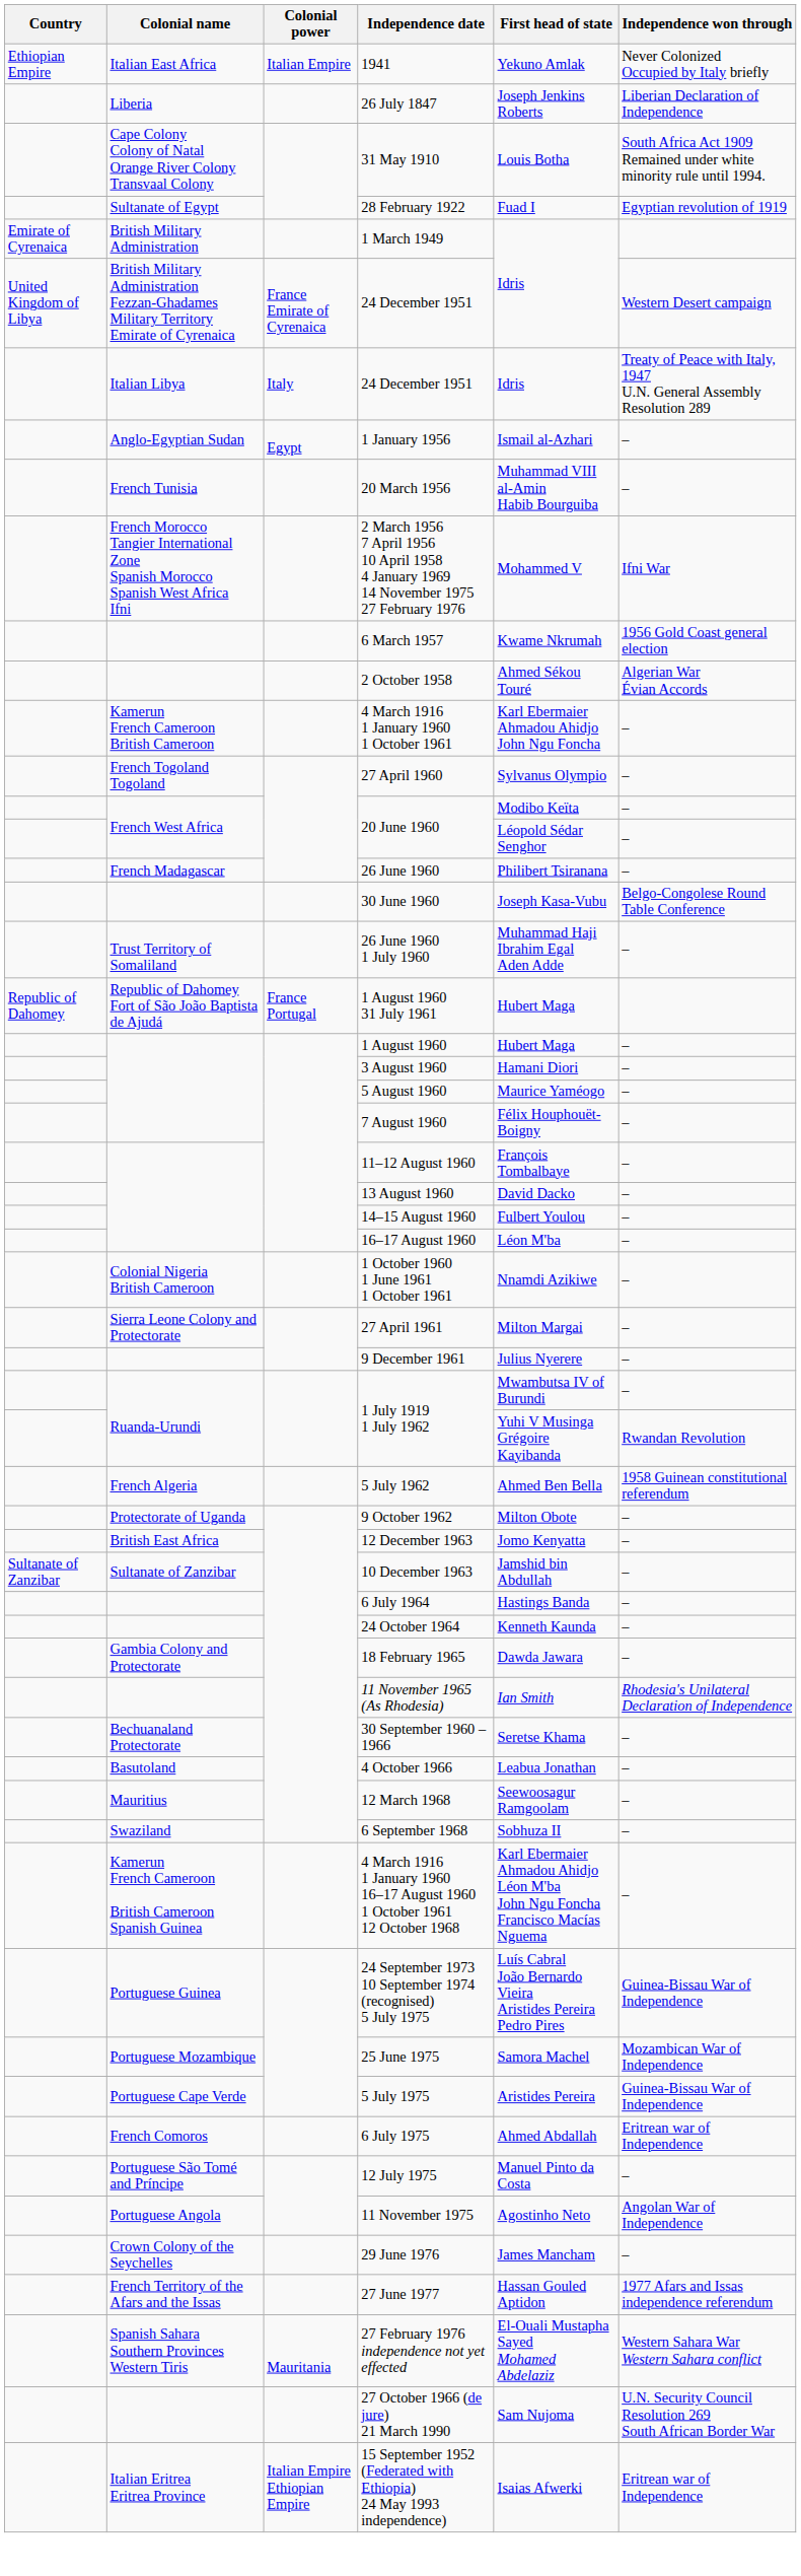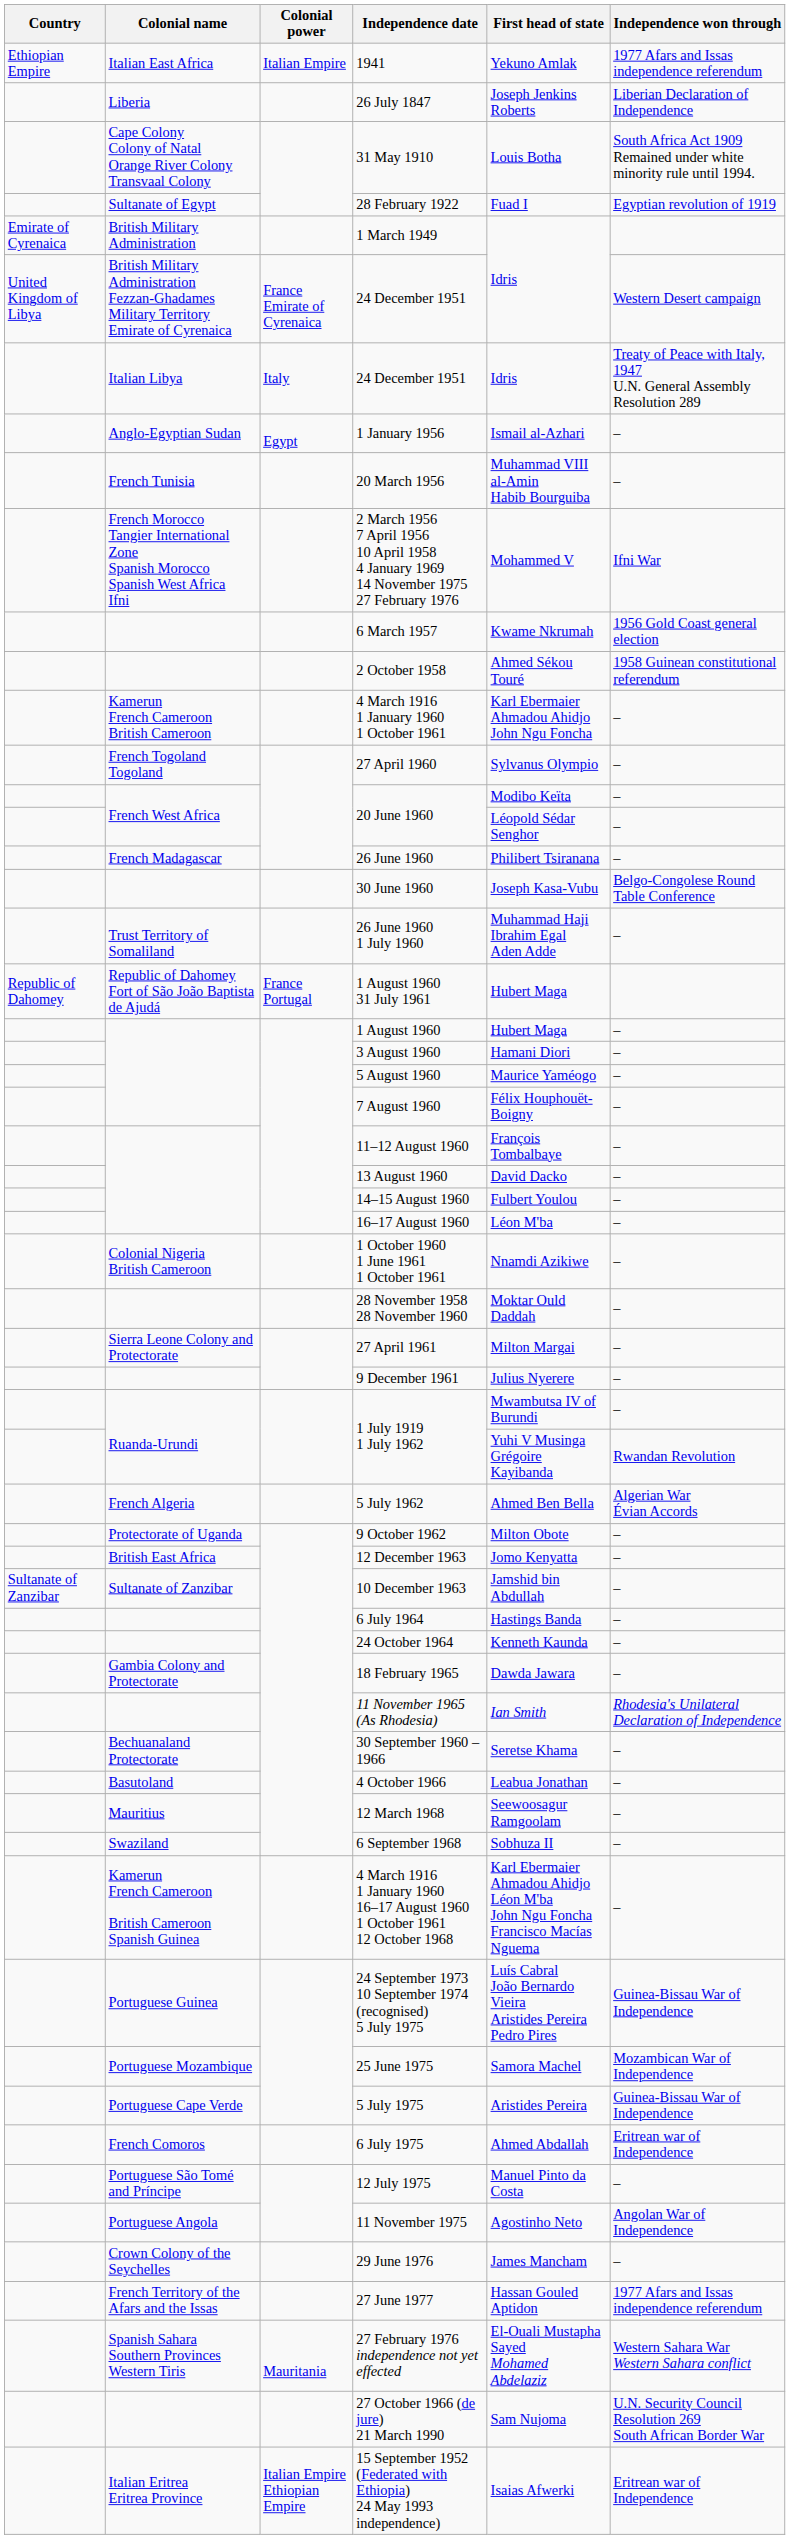 <table class="wikitable sortable">
 <tr>
 <th>Country</th>
 <th>Colonial name</th>
 <th>Colonial power</th>
 <th data-sort-type="date">Independence date</th>
 <th>First head of state</th>
 <th>Independence won through</th>
 </tr>
 <tr>
 <td> <a href='#'>Ethiopian Empire</a></td>
 <td><a href='#'>Italian East Africa</a></td>
 <td><a href='#'>Italian Empire</a></td>
 <td>1941</td>
 <td><a href='#'>Yekuno Amlak</a></td>
-<td>Never Colonized<br><a href='#'>Occupied by Italy</a> briefly</td>
+<td><a href='#'>1977 Afars and Issas independence referendum</a></td>
 </tr>
 <tr>
 <td></td>
 <td> <a href='#'>Liberia</a></td>
 <td></td>
 <td>26 July 1847</td>
 <td><a href='#'>Joseph Jenkins Roberts</a></td>
 <td><a href='#'>Liberian Declaration of Independence</a></td>
 </tr>
 <tr>
 <td></td>
 <td> <a href='#'>Cape Colony</a> <br>  <a href='#'>Colony of Natal</a> <br>  <a href='#'>Orange River Colony</a> <br>  <a href='#'>Transvaal Colony</a></td>
 <td rowspan="2"></td>
 <td>31 May 1910</td>
 <td><a href='#'>Louis Botha</a></td>
 <td><a href='#'>South Africa Act 1909</a><br>Remained under white minority rule until 1994.</td>
 </tr>
 <tr>
 <td></td>
 <td> <a href='#'>Sultanate of Egypt</a></td>
 <td>28 February 1922</td>
 <td><a href='#'>Fuad I</a></td>
 <td><a href='#'>Egyptian revolution of 1919</a></td>
 </tr>
 <tr>
 <td> <a href='#'>Emirate of Cyrenaica</a></td>
 <td> <a href='#'>British Military Administration</a></td>
 <td></td>
 <td>1 March 1949</td>
 <td rowspan="2"><a href='#'>Idris</a></td>
 <td></td>
 </tr>
 <tr>
 <td> <a href='#'>United Kingdom of Libya</a></td>
 <td> <a href='#'>British Military Administration</a><br> <a href='#'>Fezzan-Ghadames Military Territory</a><br> <a href='#'>Emirate of Cyrenaica</a></td>
 <td><br> <a href='#'>France</a><br> <a href='#'>Emirate of Cyrenaica</a></td>
 <td>24 December 1951</td>
 <td><a href='#'>Western Desert campaign</a></td>
 </tr>
 <tr>
 <td></td>
 <td> <a href='#'>Italian Libya</a></td>
 <td> <a href='#'>Italy</a><br></td>
 <td>24 December 1951</td>
 <td><a href='#'>Idris</a></td>
 <td><a href='#'>Treaty of Peace with Italy, 1947</a><br>U.N. General Assembly Resolution 289</td>
 </tr>
 <tr>
 <td></td>
 <td> <a href='#'>Anglo-Egyptian Sudan</a></td>
 <td><br> <a href='#'>Egypt</a></td>
 <td>1 January 1956</td>
 <td><a href='#'>Ismail al-Azhari</a></td>
 <td>–</td>
 </tr>
 <tr>
 <td></td>
 <td> <a href='#'>French Tunisia</a></td>
 <td><br></td>
 <td>20 March 1956</td>
 <td><a href='#'>Muhammad VIII al-Amin</a><br><a href='#'>Habib Bourguiba</a></td>
 <td>–</td>
 </tr>
 <tr>
 <td></td>
 <td> <a href='#'>French Morocco</a><br> <a href='#'>Tangier International Zone</a><br> <a href='#'>Spanish Morocco</a><br> <a href='#'>Spanish West Africa</a><br> <a href='#'>Ifni</a></td>
 <td><br></td>
 <td>2 March 1956<br>7 April 1956<br>10 April 1958<br>4 January 1969<br>14 November 1975<br>27 February 1976</td>
 <td><a href='#'>Mohammed V</a></td>
 <td><a href='#'>Ifni War</a></td>
 </tr>
 <tr>
 <td></td>
 <td></td>
 <td></td>
 <td>6 March 1957</td>
 <td><a href='#'>Kwame Nkrumah</a></td>
 <td><a href='#'>1956 Gold Coast general election</a></td>
 </tr>
 <tr>
 <td></td>
 <td></td>
 <td></td>
 <td>2 October 1958</td>
 <td><a href='#'>Ahmed Sékou Touré</a></td>
-<td><a href='#'>Algerian War</a><br><a href='#'>Évian Accords</a></td>
+<td><a href='#'>1958 Guinean constitutional referendum</a></td>
 </tr>
 <tr>
 <td></td>
 <td> <a href='#'>Kamerun</a><br> <a href='#'>French Cameroon</a><br> <a href='#'>British Cameroon</a></td>
 <td><br><br></td>
 <td>4 March 1916<br>1 January 1960<br>1 October 1961</td>
 <td><a href='#'>Karl Ebermaier</a><br><a href='#'>Ahmadou Ahidjo</a><br><a href='#'>John Ngu Foncha</a></td>
 <td>–</td>
 </tr>
 <tr>
 <td></td>
 <td> <a href='#'>French Togoland</a><br> <a href='#'>Togoland</a></td>
 <td rowspan="4"></td>
 <td>27 April 1960</td>
 <td><a href='#'>Sylvanus Olympio</a></td>
 <td>–</td>
 </tr>
 <tr>
 <td></td>
 <td rowspan="2"> <a href='#'>French West Africa</a></td>
 <td rowspan="2">20 June 1960</td>
 <td><a href='#'>Modibo Keïta</a></td>
 <td>–</td>
 </tr>
 <tr>
 <td></td>
 <td><a href='#'>Léopold Sédar Senghor</a></td>
 <td>–</td>
 </tr>
 <tr>
 <td></td>
 <td> <a href='#'>French Madagascar</a></td>
 <td>26 June 1960</td>
 <td><a href='#'>Philibert Tsiranana</a></td>
 <td>–</td>
 </tr>
 <tr>
 <td></td>
 <td></td>
 <td></td>
 <td>30 June 1960</td>
 <td><a href='#'>Joseph Kasa-Vubu</a></td>
 <td><a href='#'>Belgo-Congolese Round Table Conference</a></td>
 </tr>
 <tr>
 <td></td>
 <td><br> <a href='#'>Trust Territory of Somaliland</a></td>
 <td><br></td>
 <td>26 June 1960<br>1 July 1960</td>
 <td><a href='#'>Muhammad Haji Ibrahim Egal</a> <br> <a href='#'>Aden Adde</a></td>
 <td>–</td>
 </tr>
 <tr>
 <td> <a href='#'>Republic of Dahomey</a></td>
 <td> <a href='#'>Republic of Dahomey</a><br> <a href='#'>Fort of São João Baptista de Ajudá</a></td>
 <td> <a href='#'>France</a><br> <a href='#'>Portugal</a></td>
 <td>1 August 1960<br>31 July 1961</td>
 <td><a href='#'>Hubert Maga</a></td>
 <td></td>
 </tr>
 <tr>
 <td></td>
 <td rowspan="4"></td>
 <td rowspan="8"></td>
 <td>1 August 1960</td>
 <td><a href='#'>Hubert Maga</a></td>
 <td>–</td>
 </tr>
 <tr>
 <td></td>
 <td>3 August 1960</td>
 <td><a href='#'>Hamani Diori</a></td>
 <td>–</td>
 </tr>
 <tr>
 <td></td>
 <td>5 August 1960</td>
 <td><a href='#'>Maurice Yaméogo</a></td>
 <td>–</td>
 </tr>
 <tr>
 <td></td>
 <td>7 August 1960</td>
 <td><a href='#'>Félix Houphouët-Boigny</a></td>
 <td>–</td>
 </tr>
 <tr>
 <td></td>
 <td rowspan="4"></td>
 <td>11–12 August 1960</td>
 <td><a href='#'>François Tombalbaye</a></td>
 <td>–</td>
 </tr>
 <tr>
 <td></td>
 <td>13 August 1960</td>
 <td><a href='#'>David Dacko</a></td>
 <td>–</td>
 </tr>
 <tr>
 <td></td>
 <td>14–15 August 1960</td>
 <td><a href='#'>Fulbert Youlou</a></td>
 <td>–</td>
 </tr>
 <tr>
 <td></td>
 <td>16–17 August 1960</td>
 <td><a href='#'>Léon M'ba</a></td>
 <td>–</td>
 </tr>
 <tr>
 <td></td>
 <td> <a href='#'>Colonial Nigeria</a><br> <a href='#'>British Cameroon</a></td>
 <td></td>
 <td>1 October 1960<br>1 June 1961<br>1 October 1961</td>
 <td><a href='#'>Nnamdi Azikiwe</a></td>
 <td>–</td>
 </tr>
 <tr>
 <td></td>
+<td></td>
+<td></td>
+<td>28 November 1958<br>28 November 1960</td>
+<td><a href='#'>Moktar Ould Daddah</a></td>
+<td>–</td>
+</tr>
+<tr>
+<td></td>
 <td> <a href='#'>Sierra Leone Colony and Protectorate</a></td>
 <td rowspan="2"></td>
 <td>27 April 1961</td>
 <td><a href='#'>Milton Margai</a></td>
 <td>–</td>
 </tr>
 <tr>
 <td></td>
 <td></td>
 <td>9 December 1961</td>
 <td><a href='#'>Julius Nyerere</a></td>
 <td>–</td>
 </tr>
 <tr>
 <td></td>
 <td rowspan="2"><br> <a href='#'>Ruanda-Urundi</a></td>
 <td rowspan="2"><br> </td>
 <td rowspan="2">1 July 1919 <br> 1 July 1962</td>
 <td><a href='#'>Mwambutsa IV of Burundi</a></td>
 <td>–</td>
 </tr>
 <tr>
 <td></td>
 <td><a href='#'>Yuhi V Musinga</a> <br> <a href='#'>Grégoire Kayibanda</a></td>
 <td><a href='#'>Rwandan Revolution</a></td>
 </tr>
 <tr>
 <td></td>
 <td> <a href='#'>French Algeria</a></td>
 <td></td>
 <td>5 July 1962</td>
 <td><a href='#'>Ahmed Ben Bella</a></td>
-<td><a href='#'>1958 Guinean constitutional referendum</a></td>
+<td><a href='#'>Algerian War</a><br><a href='#'>Évian Accords</a></td>
 </tr>
 <tr>
 <td></td>
 <td> <a href='#'>Protectorate of Uganda</a></td>
 <td rowspan="11"></td>
 <td>9 October 1962</td>
 <td><a href='#'>Milton Obote</a></td>
 <td>–</td>
 </tr>
 <tr>
 <td></td>
 <td> <a href='#'>British East Africa</a></td>
 <td>12 December 1963</td>
 <td><a href='#'>Jomo Kenyatta</a></td>
 <td>–</td>
 </tr>
 <tr>
 <td> <a href='#'>Sultanate of Zanzibar</a></td>
 <td> <a href='#'>Sultanate of Zanzibar</a></td>
 <td>10 December 1963</td>
 <td><a href='#'>Jamshid bin Abdullah</a></td>
 <td>–</td>
 </tr>
 <tr>
 <td></td>
 <td></td>
 <td>6 July 1964</td>
 <td><a href='#'>Hastings Banda</a></td>
 <td>–</td>
 </tr>
 <tr>
 <td></td>
 <td></td>
 <td>24 October 1964</td>
 <td><a href='#'>Kenneth Kaunda</a></td>
 <td>–</td>
 </tr>
 <tr>
 <td></td>
 <td> <a href='#'>Gambia Colony and Protectorate</a></td>
 <td>18 February 1965</td>
 <td><a href='#'>Dawda Jawara</a></td>
 <td>–</td>
 </tr>
 <tr>
 <td><em></em><br></td>
 <td></td>
 <td><em>11 November 1965 (As Rhodesia)</em></td>
 <td><em><a href='#'>Ian Smith</a></em></td>
 <td><em><a href='#'>Rhodesia's Unilateral Declaration of Independence</a></em></td>
 </tr>
 <tr>
 <td></td>
 <td> <a href='#'>Bechuanaland Protectorate</a></td>
 <td>30 September 1960 – 1966</td>
 <td><a href='#'>Seretse Khama</a></td>
 <td>–</td>
 </tr>
 <tr>
 <td></td>
 <td> <a href='#'>Basutoland</a></td>
 <td>4 October 1966</td>
 <td><a href='#'>Leabua Jonathan</a></td>
 <td>–</td>
 </tr>
 <tr>
 <td></td>
 <td> <a href='#'>Mauritius</a></td>
 <td>12 March 1968</td>
 <td><a href='#'>Seewoosagur Ramgoolam</a></td>
 <td>–</td>
 </tr>
 <tr>
 <td></td>
 <td><a href='#'>Swaziland</a></td>
 <td>6 September 1968</td>
 <td><a href='#'>Sobhuza II</a></td>
 <td>–</td>
 </tr>
 <tr>
 <td></td>
 <td> <a href='#'>Kamerun</a><br> <a href='#'>French Cameroon</a><br><br> <a href='#'>British Cameroon</a><br> <a href='#'>Spanish Guinea</a></td>
 <td><br><br><br></td>
 <td>4 March 1916<br>1 January 1960<br>16–17 August 1960<br>1 October 1961<br>12 October 1968</td>
 <td><a href='#'>Karl Ebermaier</a><br><a href='#'>Ahmadou Ahidjo</a><br><a href='#'>Léon M'ba</a><br><a href='#'>John Ngu Foncha</a><br><a href='#'>Francisco Macías Nguema</a></td>
 <td>–</td>
 </tr>
 <tr>
 <td></td>
 <td> <a href='#'>Portuguese Guinea</a></td>
 <td rowspan="3"></td>
 <td>24 September 1973 <br>10 September 1974 (recognised)<br>5 July 1975</td>
 <td><a href='#'>Luís Cabral</a><br><a href='#'>João Bernardo Vieira</a> <br><a href='#'>Aristides Pereira</a><br><a href='#'>Pedro Pires</a></td>
 <td><a href='#'>Guinea-Bissau War of Independence</a></td>
 </tr>
 <tr>
 <td></td>
 <td> <a href='#'>Portuguese Mozambique</a></td>
 <td>25 June 1975</td>
 <td><a href='#'>Samora Machel</a></td>
 <td><a href='#'>Mozambican War of Independence</a></td>
 </tr>
 <tr>
 <td></td>
 <td> <a href='#'>Portuguese Cape Verde</a></td>
 <td>5 July 1975</td>
 <td><a href='#'>Aristides Pereira</a></td>
 <td><a href='#'>Guinea-Bissau War of Independence</a></td>
 </tr>
 <tr>
 <td></td>
 <td> <a href='#'>French Comoros</a></td>
 <td></td>
 <td>6 July 1975</td>
 <td><a href='#'>Ahmed Abdallah</a></td>
 <td><a href='#'>Eritrean war of Independence</a></td>
 </tr>
 <tr>
 <td></td>
 <td> <a href='#'>Portuguese São Tomé and Príncipe</a></td>
 <td rowspan="2"></td>
 <td>12 July 1975</td>
 <td><a href='#'>Manuel Pinto da Costa</a></td>
 <td>–</td>
 </tr>
 <tr>
 <td></td>
 <td> <a href='#'>Portuguese Angola</a></td>
 <td>11 November 1975</td>
 <td><a href='#'>Agostinho Neto</a></td>
 <td><a href='#'>Angolan War of Independence</a></td>
 </tr>
 <tr>
 <td></td>
 <td> <a href='#'>Crown Colony of the Seychelles</a></td>
 <td></td>
 <td>29 June 1976</td>
 <td><a href='#'>James Mancham</a></td>
 <td>–</td>
 </tr>
 <tr>
 <td></td>
 <td> <a href='#'>French Territory of the Afars and the Issas</a></td>
 <td></td>
 <td>27 June 1977</td>
 <td><a href='#'>Hassan Gouled Aptidon</a></td>
 <td><a href='#'>1977 Afars and Issas independence referendum</a></td>
 </tr>
 <tr>
 <td><em></em></td>
 <td> <a href='#'>Spanish Sahara</a><br> <a href='#'>Southern Provinces</a><br> <a href='#'>Western Tiris</a></td>
 <td><br><br> <a href='#'>Mauritania</a></td>
 <td>27 February 1976<br><em>independence not yet effected</em></td>
 <td><a href='#'>El-Ouali Mustapha Sayed</a><br><em><a href='#'>Mohamed Abdelaziz</a></em></td>
 <td><a href='#'>Western Sahara War</a><br><em><a href='#'>Western Sahara conflict</a></em></td>
 </tr>
 <tr>
 <td></td>
 <td></td>
 <td></td>
 <td>27 October 1966 (<a href='#'>de jure</a>)<br>21 March 1990</td>
 <td><a href='#'>Sam Nujoma</a></td>
 <td><a href='#'>U.N. Security Council Resolution 269</a><br><a href='#'>South African Border War</a></td>
 </tr>
 <tr>
 <td></td>
 <td> <a href='#'>Italian Eritrea</a><br> <a href='#'>Eritrea Province</a></td>
 <td> <a href='#'>Italian Empire</a><br> <a href='#'>Ethiopian Empire</a></td>
 <td>15 September 1952<br>(<a href='#'>Federated with Ethiopia</a>)<br>24 May 1993<br>independence)</td>
 <td><a href='#'>Isaias Afwerki</a></td>
 <td><a href='#'>Eritrean war of Independence</a></td>
 </tr>
 </table>
